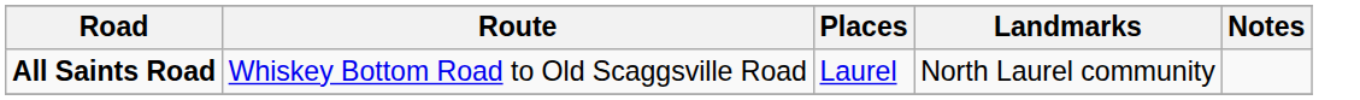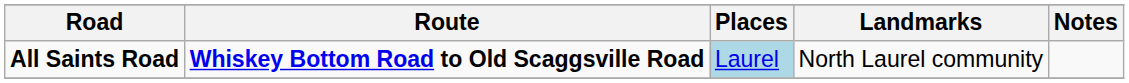 <table class="wikitable">
 <tr style="background-color:#DDDDDD;text-align:center;">
 </tr>
 <tr>
 <th>Road</th>
 <th>Route</th>
 <th>Places</th>
 <th>Landmarks</th>
 <th>Notes</th>
 </tr>
 <tr>
 <td><strong>All Saints Road</strong></td>
-<td><a href='#'>Whiskey Bottom Road</a> to Old Scaggsville Road</td>
-<td><a href='#'>Laurel</a></td>
+<td><strong><a href='#'>Whiskey Bottom Road</a> to Old Scaggsville Road</strong></td>
+<td style="background: lightblue;"><a href='#'>Laurel</a></td>
 <td>North Laurel community</td>
 <td></td>
 </tr>
 <tr>
 </tr>
 </table>
